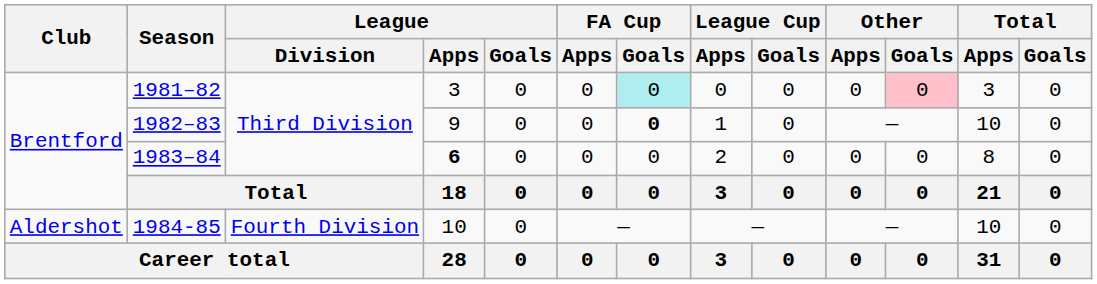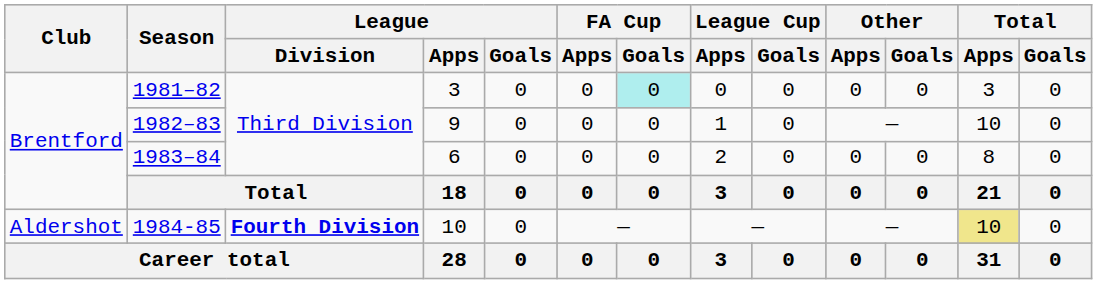 <table class="wikitable" style="text-align: center;">
 <tr>
 <th rowspan="2">Club</th>
 <th rowspan="2">Season</th>
 <th colspan="3">League</th>
 <th colspan="2">FA Cup</th>
 <th colspan="2">League Cup</th>
 <th colspan="2">Other</th>
 <th colspan="2">Total</th>
 </tr>
 <tr>
 <th>Division</th>
 <th>Apps</th>
 <th>Goals</th>
 <th>Apps</th>
 <th>Goals</th>
 <th>Apps</th>
 <th>Goals</th>
 <th>Apps</th>
 <th>Goals</th>
 <th>Apps</th>
 <th>Goals</th>
 </tr>
 <tr>
 <td rowspan="4"><a href='#'>Brentford</a></td>
 <td><a href='#'>1981–82</a></td>
 <td rowspan="3"><a href='#'>Third Division</a></td>
 <td>3</td>
 <td>0</td>
 <td>0</td>
 <td style="background: paleturquoise;">0</td>
 <td>0</td>
 <td>0</td>
 <td>0</td>
-<td style="background: pink;">0</td>
+<td>0</td>
 <td>3</td>
 <td>0</td>
 </tr>
 <tr>
 <td><a href='#'>1982–83</a></td>
 <td>9</td>
 <td>0</td>
 <td>0</td>
-<td><strong>0</strong></td>
+<td>0</td>
 <td>1</td>
 <td>0</td>
 <td colspan="2">—</td>
 <td>10</td>
 <td>0</td>
 </tr>
 <tr>
 <td><a href='#'>1983–84</a></td>
-<td><strong>6</strong></td>
+<td>6</td>
 <td>0</td>
 <td>0</td>
 <td>0</td>
 <td>2</td>
 <td>0</td>
 <td>0</td>
 <td>0</td>
 <td>8</td>
 <td>0</td>
 </tr>
 <tr>
 <th colspan="2">Total</th>
 <th>18</th>
 <th>0</th>
 <th>0</th>
 <th>0</th>
 <th>3</th>
 <th>0</th>
 <th>0</th>
 <th>0</th>
 <th>21</th>
 <th>0</th>
 </tr>
 <tr>
 <td><a href='#'>Aldershot</a></td>
 <td><a href='#'>1984-85</a></td>
-<td><a href='#'>Fourth Division</a></td>
+<td><strong><a href='#'>Fourth Division</a></strong></td>
 <td>10</td>
 <td>0</td>
 <td colspan="2">—</td>
 <td colspan="2">—</td>
 <td colspan="2">—</td>
-<td>10</td>
+<td style="background: khaki;">10</td>
 <td>0</td>
 </tr>
 <tr>
 <th colspan="3">Career total</th>
 <th>28</th>
 <th>0</th>
 <th>0</th>
 <th>0</th>
 <th>3</th>
 <th>0</th>
 <th>0</th>
 <th>0</th>
 <th>31</th>
 <th>0</th>
 </tr>
 </table>
